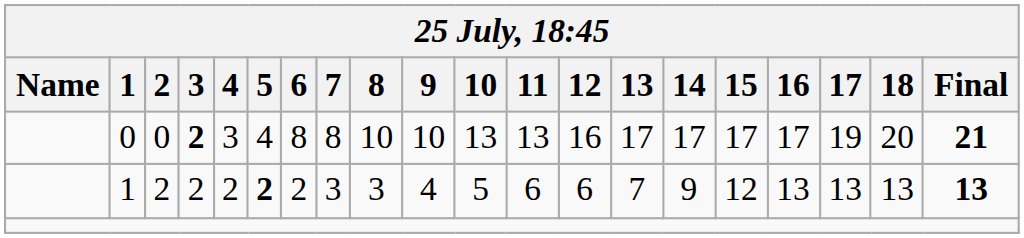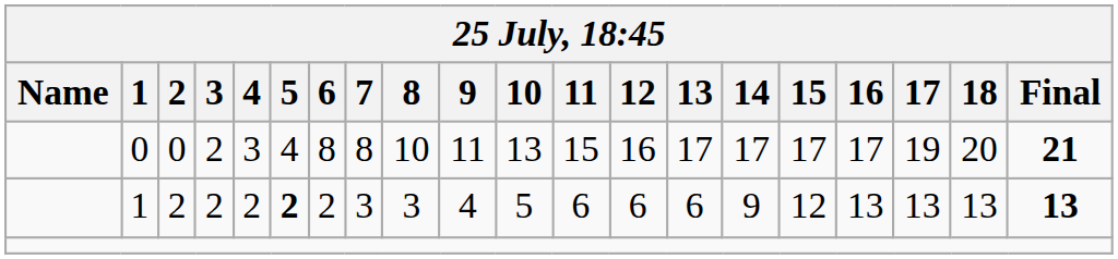 <table class=wikitable style="text-align:center; width: 55%">
 <tr>
 <th colspan=20><em>25 July, 18:45</em></th>
 </tr>
 <tr>
 <th>Name</th>
 <th>1</th>
 <th>2</th>
 <th>3</th>
 <th>4</th>
 <th>5</th>
 <th>6</th>
 <th>7</th>
 <th>8</th>
 <th>9</th>
 <th>10</th>
 <th>11</th>
 <th>12</th>
 <th>13</th>
 <th>14</th>
 <th>15</th>
 <th>16</th>
 <th>17</th>
 <th>18</th>
 <th>Final</th>
 </tr>
 <tr>
 <td align=left><strong></strong></td>
 <td>0</td>
 <td>0</td>
-<td><strong>2</strong></td>
+<td>2</td>
 <td>3</td>
 <td>4</td>
 <td>8</td>
 <td>8</td>
 <td>10</td>
-<td>10</td>
+<td>11</td>
 <td>13</td>
-<td>13</td>
+<td>15</td>
 <td>16</td>
 <td>17</td>
 <td>17</td>
 <td>17</td>
 <td>17</td>
 <td>19</td>
 <td>20</td>
 <td><strong>21</strong></td>
 </tr>
 <tr>
 <td align=left></td>
 <td>1</td>
 <td>2</td>
 <td>2</td>
 <td>2</td>
 <td><strong>2</strong></td>
 <td>2</td>
 <td>3</td>
 <td>3</td>
 <td>4</td>
 <td>5</td>
 <td>6</td>
 <td>6</td>
-<td>7</td>
+<td>6</td>
 <td>9</td>
 <td>12</td>
 <td>13</td>
 <td>13</td>
 <td>13</td>
 <td><strong>13</strong></td>
 </tr>
 <tr>
 <td colspan=20></td>
 </tr>
 </table>
